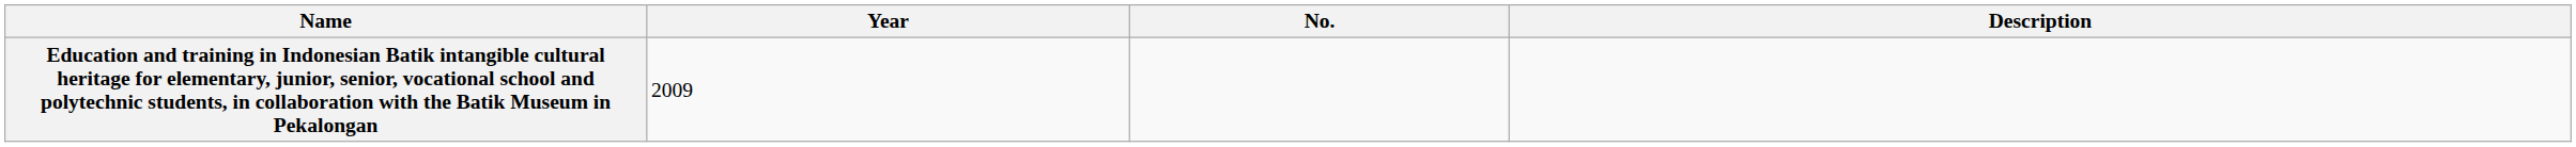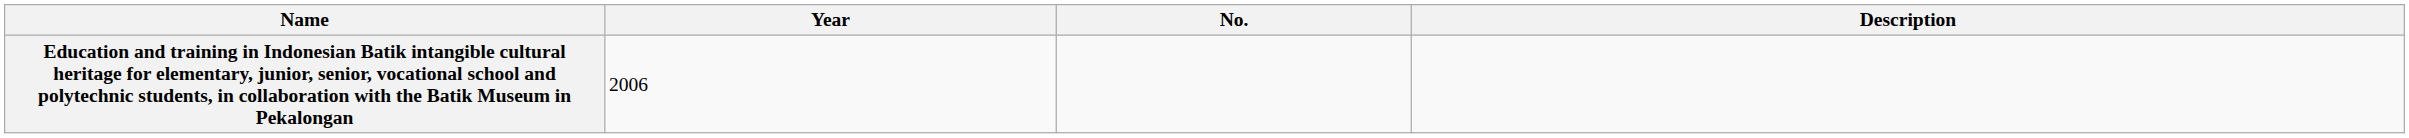 <table class="wikitable sortable plainrowheaders">
 <tr>
 <th style="width:25%">Name</th>
 <th>Year</th>
 <th>No.</th>
 <th class="unsortable">Description</th>
 </tr>
 <tr>
 <th scope="row">Education and training in Indonesian Batik intangible cultural heritage for elementary, junior, senior, vocational school and polytechnic students, in collaboration with the Batik Museum in Pekalongan</th>
-<td>2009</td>
+<td>2006</td>
 <td></td>
 <td></td>
 </tr>
 </table>
